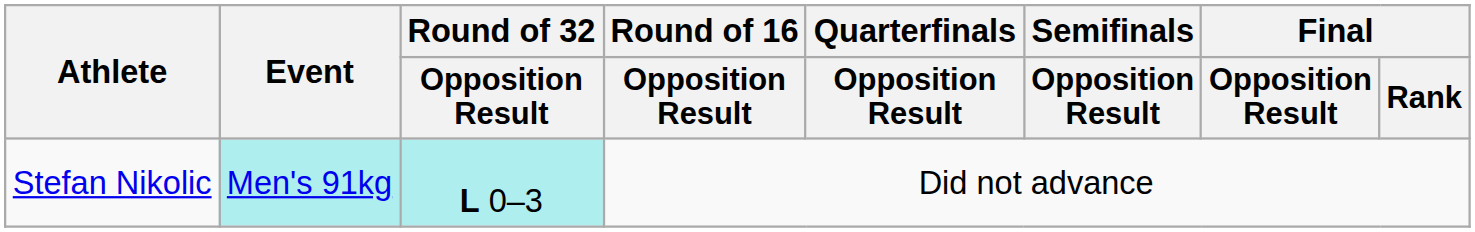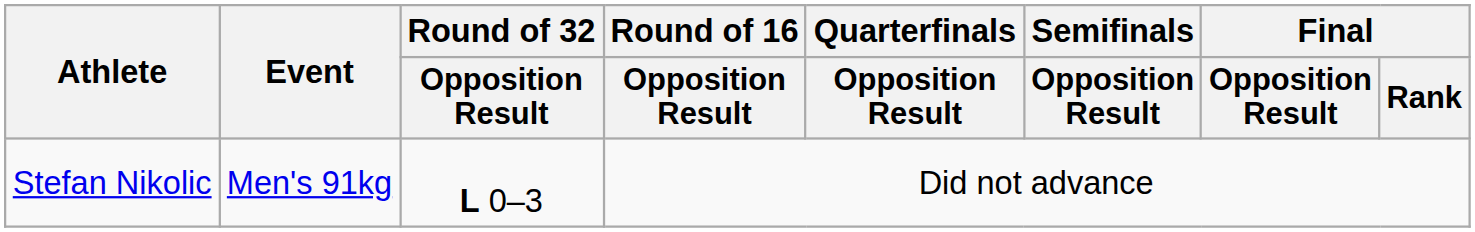 <table class="wikitable" style="font-size:90%">
 <tr>
 <th rowspan="2">Athlete</th>
 <th rowspan="2">Event</th>
 <th>Round of 32</th>
 <th>Round of 16</th>
 <th>Quarterfinals</th>
 <th>Semifinals</th>
 <th colspan=2>Final</th>
 </tr>
 <tr style="font-size:95%">
 <th>Opposition<br>Result</th>
 <th>Opposition<br>Result</th>
 <th>Opposition<br>Result</th>
 <th>Opposition<br>Result</th>
 <th>Opposition<br>Result</th>
 <th>Rank</th>
 </tr>
 <tr align=center>
 <td align=left><a href='#'>Stefan Nikolic</a></td>
-<td align=left style="background: paleturquoise;"><a href='#'>Men's 91kg</a></td>
-<td style="background: paleturquoise;"><br><strong>L</strong> 0–3</td>
+<td align=left><a href='#'>Men's 91kg</a></td>
+<td><br><strong>L</strong> 0–3</td>
 <td colspan=5>Did not advance</td>
 </tr>
 </table>
